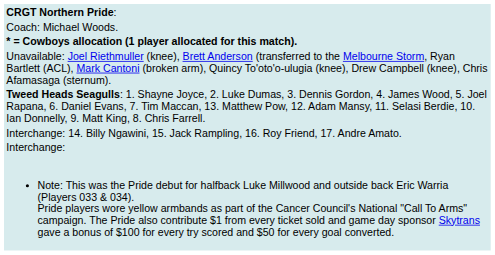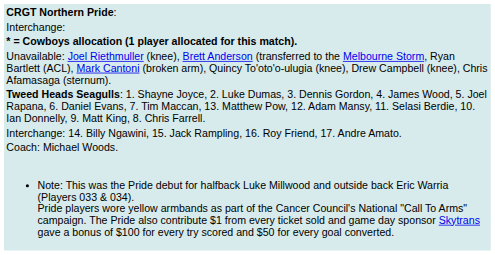 <table style="background:#d7ebed; font-size:85%; width:100%;">
 <tr>
 <td><strong>CRGT Northern Pride</strong>:             </td>
 </tr>
 <tr>
-<td>Coach: Michael Woods.</td>
+<td>Interchange:    </td>
 </tr>
 <tr>
 <td><strong>* = Cowboys allocation (1 player allocated for this match).</strong></td>
 </tr>
 <tr>
 <td>Unavailable: <a href='#'>Joel Riethmuller</a> (knee), <a href='#'>Brett Anderson</a> (transferred to the <a href='#'>Melbourne Storm</a>, Ryan Bartlett (ACL), <a href='#'>Mark Cantoni</a> (broken arm), Quincy To'oto'o-ulugia (knee), Drew Campbell (knee), Chris Afamasaga (sternum).</td>
 </tr>
 <tr>
 <td><strong>Tweed Heads Seagulls</strong>:  1. Shayne Joyce, 2. Luke Dumas, 3. Dennis Gordon, 4. James Wood, 5. Joel Rapana, 6. Daniel Evans, 7. Tim Maccan, 13. Matthew Pow, 12. Adam Mansy, 11. Selasi Berdie, 10. Ian Donnelly, 9. Matt King, 8. Chris Farrell.</td>
 </tr>
 <tr>
 <td>Interchange: 14. Billy Ngawini, 15. Jack Rampling, 16. Roy Friend, 17. Andre Amato.</td>
 </tr>
 <tr>
-<td>Interchange:    </td>
+<td>Coach: Michael Woods.</td>
 </tr>
 <tr>
 <td><br><ul><li>Note: This was the Pride debut for halfback Luke Millwood and outside back Eric Warria (Players 033 & 034).<br>Pride players wore yellow armbands as part of the Cancer Council's National "Call To Arms" campaign. The Pride also contribute $1 from every ticket sold and game day sponsor <a href='#'>Skytrans</a> gave a bonus of $100 for every try scored and $50 for every goal converted.</li></ul></td>
 </tr>
 </table>
